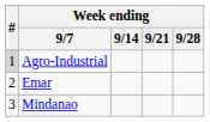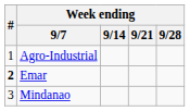 <table class=wikitable style="font-size:92%;">
 <tr>
 <th rowspan=2>#</th>
 <th colspan=9>Week ending</th>
 </tr>
 <tr>
 <th>9/7</th>
 <th>9/14</th>
 <th>9/21</th>
 <th>9/28</th>
 </tr>
 <tr>
-<td style="background: lightgrey;">1</td>
+<td>1</td>
 <td><a href='#'>Agro-Industrial</a></td>
 <td></td>
 <td></td>
 <td></td>
 </tr>
 <tr>
-<td>2</td>
+<td><strong>2</strong></td>
 <td><a href='#'>Emar</a></td>
 <td></td>
 <td></td>
 <td></td>
 </tr>
 <tr>
 <td>3</td>
 <td><a href='#'>Mindanao</a></td>
 <td></td>
 <td></td>
 <td></td>
 </tr>
 </table>
